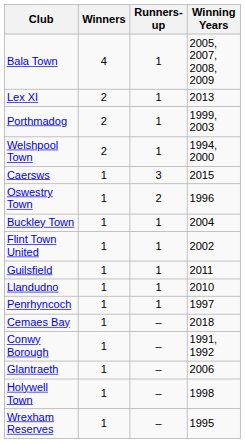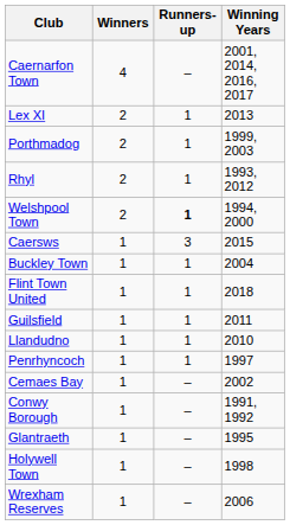 <table class="wikitable sortable" style="width:55%;">
 <tr>
 <th style="width:14%;">Club</th>
 <th style="width:12%;">Winners</th>
 <th style="width:12%;">Runners-up</th>
 <th style="width:17%;">Winning Years</th>
 </tr>
 <tr align="center">
-<td align="left"><a href='#'>Bala Town</a></td>
+<td align="left"><a href='#'>Caernarfon Town</a></td>
 <td>4</td>
-<td>1</td>
-<td align="left">2005, 2007, 2008, 2009</td>
+<td>–</td>
+<td align="left">2001, 2014, 2016, 2017</td>
 </tr>
 <tr align="center">
 <td align="left"><a href='#'>Lex XI</a></td>
 <td>2</td>
 <td>1</td>
 <td align="left">2013</td>
 </tr>
 <tr align="center">
 <td align="left"><a href='#'>Porthmadog</a></td>
 <td>2</td>
 <td>1</td>
 <td align="left">1999, 2003</td>
 </tr>
 <tr align="center">
+<td align="left"><a href='#'>Rhyl</a></td>
+<td>2</td>
+<td>1</td>
+<td align="left">1993, 2012</td>
+</tr>
+<tr align="center">
 <td align="left"><a href='#'>Welshpool Town</a></td>
 <td>2</td>
-<td>1</td>
+<td><strong>1</strong></td>
 <td align="left">1994, 2000</td>
 </tr>
 <tr align="center">
 <td align="left"><a href='#'>Caersws</a></td>
 <td>1</td>
 <td>3</td>
 <td align="left">2015</td>
-</tr>
-<tr align="center">
-<td align="left"><a href='#'>Oswestry Town</a></td>
-<td>1</td>
-<td>2</td>
-<td align="left">1996</td>
 </tr>
 <tr align="center">
 <td align="left"><a href='#'>Buckley Town</a></td>
 <td>1</td>
 <td>1</td>
 <td align="left">2004</td>
 </tr>
 <tr align="center">
 <td align="left"><a href='#'>Flint Town United</a></td>
 <td>1</td>
 <td>1</td>
-<td align="left">2002</td>
+<td align="left">2018</td>
 </tr>
 <tr align="center">
 <td align="left"><a href='#'>Guilsfield</a></td>
 <td>1</td>
 <td>1</td>
 <td align="left">2011</td>
 </tr>
 <tr align="center">
 <td align="left"><a href='#'>Llandudno</a></td>
 <td>1</td>
 <td>1</td>
 <td align="left">2010</td>
 </tr>
 <tr align="center">
 <td align="left"><a href='#'>Penrhyncoch</a></td>
 <td>1</td>
 <td>1</td>
 <td align="left">1997</td>
 </tr>
 <tr align="center">
 <td align="left"><a href='#'>Cemaes Bay</a></td>
 <td>1</td>
 <td>–</td>
-<td align="left">2018</td>
+<td align="left">2002</td>
 </tr>
 <tr align="center">
 <td align="left"><a href='#'>Conwy Borough</a></td>
 <td>1</td>
 <td>–</td>
 <td align="left">1991, 1992</td>
 </tr>
 <tr align="center">
 <td align="left"><a href='#'>Glantraeth</a></td>
 <td>1</td>
 <td>–</td>
-<td align="left">2006</td>
+<td align="left">1995</td>
 </tr>
 <tr align="center">
 <td align="left"><a href='#'>Holywell Town</a></td>
 <td>1</td>
 <td>–</td>
 <td align="left">1998</td>
 </tr>
 <tr align="center">
 <td align="left"><a href='#'>Wrexham Reserves</a></td>
 <td>1</td>
 <td>–</td>
-<td align="left">1995</td>
+<td align="left">2006</td>
 </tr>
 </table>
